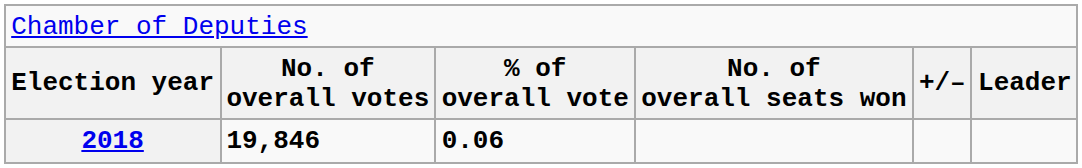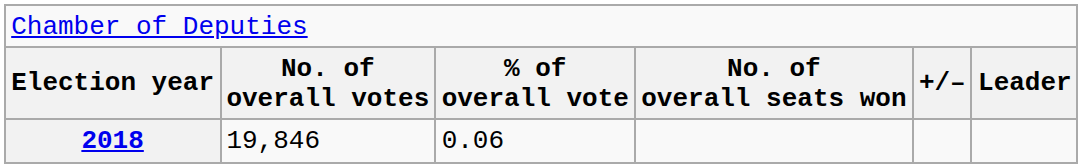 <table class="wikitable">
 <tr>
 <td colspan="7"><a href='#'>Chamber of Deputies</a></td>
 </tr>
 <tr>
 <th>Election year</th>
 <th>No. of<br>overall votes</th>
 <th>% of<br>overall vote</th>
 <th>No. of<br>overall seats won</th>
 <th>+/–</th>
 <th>Leader</th>
 </tr>
 <tr>
 </tr>
 <tr>
 <th><a href='#'>2018</a></th>
-<td><strong>19,846</strong></td>
-<td><strong>0.06</strong></td>
+<td>19,846</td>
+<td>0.06</td>
 <td></td>
 <td></td>
 <td></td>
 </tr>
 </table>
